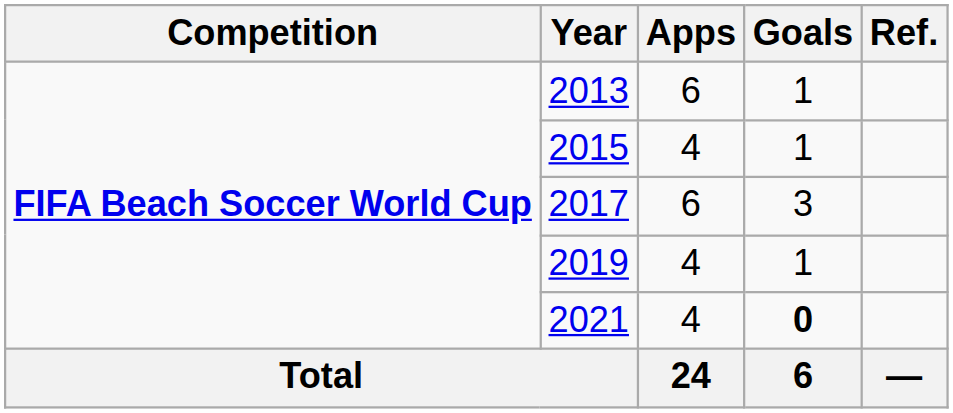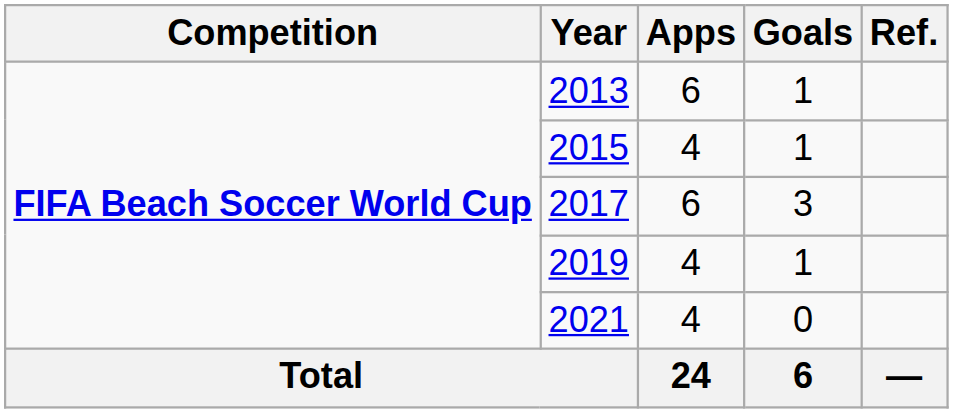 <table class="wikitable" style="text-align:center;">
 <tr>
 <th>Competition</th>
 <th>Year</th>
 <th>Apps</th>
 <th>Goals</th>
 <th>Ref.</th>
 </tr>
 <tr>
 <td rowspan="5"><strong><a href='#'>FIFA Beach Soccer World Cup</a></strong></td>
 <td> <a href='#'>2013</a></td>
 <td>6</td>
 <td>1</td>
 <td></td>
 </tr>
 <tr>
 <td> <a href='#'>2015</a></td>
 <td>4</td>
 <td>1</td>
 <td></td>
 </tr>
 <tr>
 <td> <a href='#'>2017</a></td>
 <td>6</td>
 <td>3</td>
 <td></td>
 </tr>
 <tr>
 <td> <a href='#'>2019</a></td>
 <td>4</td>
 <td>1</td>
 <td></td>
 </tr>
 <tr>
 <td> <a href='#'>2021</a></td>
 <td>4</td>
-<td><strong>0</strong></td>
+<td>0</td>
 <td></td>
 </tr>
 <tr>
 <th colspan=2>Total</th>
 <th>24</th>
 <th>6</th>
 <th>—</th>
 </tr>
 </table>
